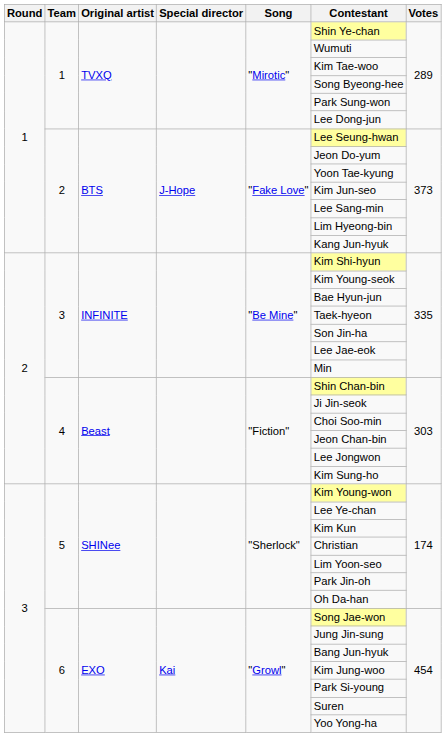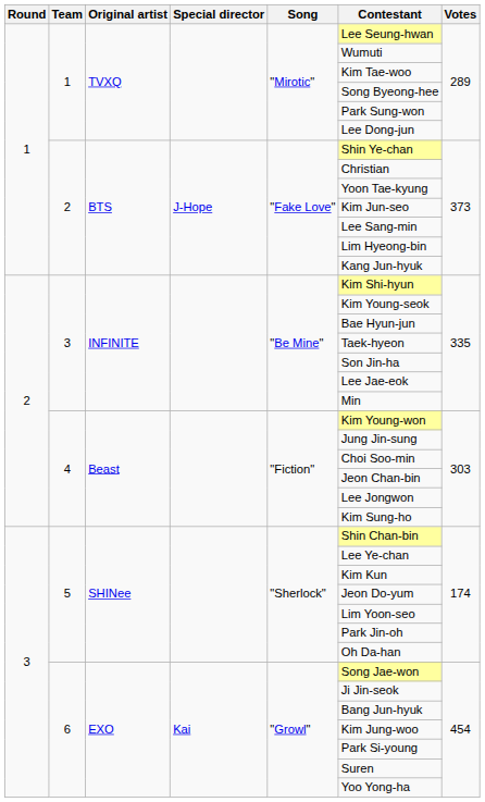 <table class="wikitable sortable" style="text-align:center;">
 <tr>
 <th>Round</th>
 <th>Team</th>
 <th>Original artist</th>
 <th>Special director</th>
 <th>Song</th>
 <th>Contestant</th>
 <th>Votes</th>
 </tr>
 <tr>
 <td rowspan="13">1</td>
 <td rowspan="6">1</td>
 <td rowspan="6" align=left><a href='#'>TVXQ</a></td>
 <td rowspan="6" align=left></td>
 <td rowspan="6" align=left>"<a href='#'>Mirotic</a>"</td>
-<td align=left style=background:#FFFF9F;>Shin Ye-chan</td>
+<td align=left style=background:#FFFF9F;>Lee Seung-hwan</td>
 <td rowspan="6">289</td>
 </tr>
 <tr>
 <td align=left>Wumuti</td>
 </tr>
 <tr>
 <td align=left>Kim Tae-woo</td>
 </tr>
 <tr>
 <td align=left>Song Byeong-hee</td>
 </tr>
 <tr>
 <td align=left>Park Sung-won</td>
 </tr>
 <tr>
 <td align=left>Lee Dong-jun</td>
 </tr>
 <tr>
 <td rowspan="7">2</td>
 <td rowspan="7" align=left><a href='#'>BTS</a></td>
 <td rowspan="7" align=left><a href='#'>J-Hope</a></td>
 <td rowspan="7" align=left>"<a href='#'>Fake Love</a>"</td>
-<td align=left style=background:#FFFF9F;>Lee Seung-hwan</td>
+<td align=left style=background:#FFFF9F;>Shin Ye-chan</td>
 <td rowspan="7">373</td>
 </tr>
 <tr>
-<td align=left>Jeon Do-yum</td>
+<td align=left>Christian</td>
 </tr>
 <tr>
 <td align=left>Yoon Tae-kyung</td>
 </tr>
 <tr>
 <td align=left>Kim Jun-seo</td>
 </tr>
 <tr>
 <td align=left>Lee Sang-min</td>
 </tr>
 <tr>
 <td align=left>Lim Hyeong-bin</td>
 </tr>
 <tr>
 <td align=left>Kang Jun-hyuk</td>
 </tr>
 <tr>
 <td rowspan="13">2</td>
 <td rowspan="7">3</td>
 <td rowspan="7" align=left><a href='#'>INFINITE</a></td>
 <td rowspan="7" align=left></td>
 <td rowspan="7" align=left>"<a href='#'>Be Mine</a>"</td>
 <td align=left style=background:#FFFF9F;>Kim Shi-hyun</td>
 <td rowspan="7">335</td>
 </tr>
 <tr>
 <td align=left>Kim Young-seok</td>
 </tr>
 <tr>
 <td align=left>Bae Hyun-jun</td>
 </tr>
 <tr>
 <td align=left>Taek-hyeon</td>
 </tr>
 <tr>
 <td align=left>Son Jin-ha</td>
 </tr>
 <tr>
 <td align=left>Lee Jae-eok</td>
 </tr>
 <tr>
 <td align=left>Min</td>
 </tr>
 <tr>
 <td rowspan="6">4</td>
 <td rowspan="6" align=left><a href='#'>Beast</a></td>
 <td rowspan="6" align=left></td>
 <td rowspan="6" align=left>"Fiction"</td>
-<td align=left style=background:#FFFF9F;>Shin Chan-bin</td>
+<td align=left style=background:#FFFF9F;>Kim Young-won</td>
 <td rowspan="6">303</td>
 </tr>
 <tr>
-<td align=left>Ji Jin-seok</td>
+<td align=left>Jung Jin-sung</td>
 </tr>
 <tr>
 <td align=left>Choi Soo-min</td>
 </tr>
 <tr>
 <td align=left>Jeon Chan-bin</td>
 </tr>
 <tr>
 <td align=left>Lee Jongwon</td>
 </tr>
 <tr>
 <td align=left>Kim Sung-ho</td>
 </tr>
 <tr>
 <td rowspan="14">3</td>
 <td rowspan="7">5</td>
 <td rowspan="7" align=left><a href='#'>SHINee</a></td>
 <td rowspan="7" align=left></td>
 <td rowspan="7" align=left>"Sherlock"</td>
-<td align=left style=background:#FFFF9F;>Kim Young-won</td>
+<td align=left style=background:#FFFF9F;>Shin Chan-bin</td>
 <td rowspan="7">174</td>
 </tr>
 <tr>
 <td align=left>Lee Ye-chan</td>
 </tr>
 <tr>
 <td align=left>Kim Kun</td>
 </tr>
 <tr>
-<td align=left>Christian</td>
+<td align=left>Jeon Do-yum</td>
 </tr>
 <tr>
 <td align=left>Lim Yoon-seo</td>
 </tr>
 <tr>
 <td align=left>Park Jin-oh</td>
 </tr>
 <tr>
 <td align=left>Oh Da-han</td>
 </tr>
 <tr>
 <td rowspan="7">6</td>
 <td rowspan="7" align=left><a href='#'>EXO</a></td>
 <td rowspan="7" align=left><a href='#'>Kai</a></td>
 <td rowspan="7" align=left>"<a href='#'>Growl</a>"</td>
 <td align=left style=background:#FFFF9F;>Song Jae-won</td>
 <td rowspan="7">454</td>
 </tr>
 <tr>
-<td align=left>Jung Jin-sung</td>
+<td align=left>Ji Jin-seok</td>
 </tr>
 <tr>
 <td align=left>Bang Jun-hyuk</td>
 </tr>
 <tr>
 <td align=left>Kim Jung-woo</td>
 </tr>
 <tr>
 <td align=left>Park Si-young</td>
 </tr>
 <tr>
 <td align=left>Suren</td>
 </tr>
 <tr>
 <td align=left>Yoo Yong-ha</td>
 </tr>
 </table>
